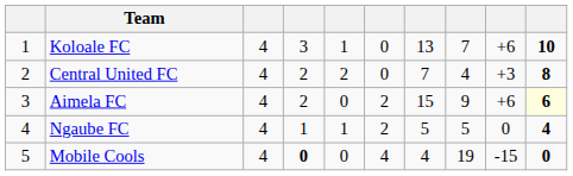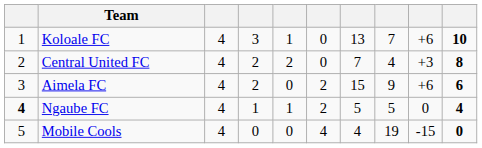 <table class="wikitable" style="text-align: center;">
 <tr>
 <th width="30"></th>
 <th width="175">Team</th>
 <th width="30"></th>
 <th width="30"></th>
 <th width="30"></th>
 <th width="30"></th>
 <th width="30"></th>
 <th width="30"></th>
 <th width="30"></th>
 <th width="30"></th>
 </tr>
 <tr>
 <td>1</td>
 <td align="left"><a href='#'>Koloale FC</a></td>
 <td>4</td>
 <td>3</td>
 <td>1</td>
 <td>0</td>
 <td>13</td>
 <td>7</td>
 <td>+6</td>
 <td><strong>10</strong></td>
 </tr>
 <tr>
 <td>2</td>
 <td align="left"><a href='#'>Central United FC</a></td>
 <td>4</td>
 <td>2</td>
 <td>2</td>
 <td>0</td>
 <td>7</td>
 <td>4</td>
 <td>+3</td>
 <td><strong>8</strong></td>
 </tr>
 <tr>
 <td>3</td>
 <td align="left"><a href='#'>Aimela FC</a></td>
 <td>4</td>
 <td>2</td>
 <td>0</td>
 <td>2</td>
 <td>15</td>
 <td>9</td>
 <td>+6</td>
-<td style="background: lightyellow;"><strong>6</strong></td>
+<td><strong>6</strong></td>
 </tr>
 <tr>
-<td>4</td>
+<td><strong>4</strong></td>
 <td align="left"><a href='#'>Ngaube FC</a></td>
 <td>4</td>
 <td>1</td>
 <td>1</td>
 <td>2</td>
 <td>5</td>
 <td>5</td>
 <td>0</td>
 <td><strong>4</strong></td>
 </tr>
 <tr>
 <td>5</td>
 <td align="left"><a href='#'>Mobile Cools</a></td>
 <td>4</td>
-<td><strong>0</strong></td>
+<td>0</td>
 <td>0</td>
 <td>4</td>
 <td>4</td>
 <td>19</td>
 <td>-15</td>
 <td><strong>0</strong></td>
 </tr>
 </table>
